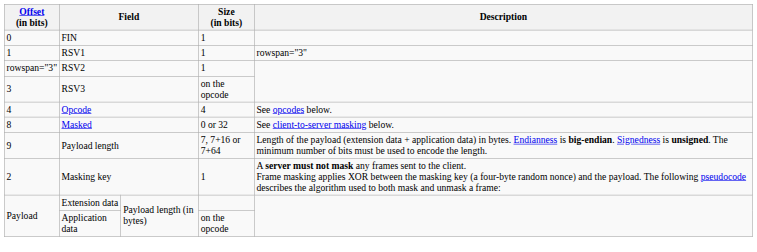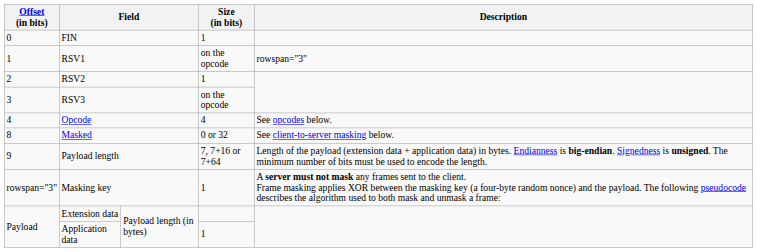 <table class="wikitable">
 <tr>
 <th><a href='#'>Offset</a><br>(in bits)</th>
 <th colspan="2">Field</th>
 <th>Size<br>(in bits)</th>
 <th>Description</th>
 </tr>
 <tr>
 <td>0</td>
 <td colspan="2">FIN</td>
 <td>1</td>
 <td></td>
 </tr>
 <tr>
 <td>1</td>
 <td colspan="2">RSV1</td>
-<td>1</td>
+<td> on the opcode</td>
 <td>rowspan="3" </td>
 </tr>
 <tr>
-<td>rowspan="3" </td>
+<td>2</td>
 <td colspan="2">RSV2</td>
 <td>1</td>
 </tr>
 <tr>
 <td>3</td>
 <td colspan="2">RSV3</td>
 <td> on the opcode</td>
 </tr>
 <tr>
 <td>4</td>
 <td colspan="2"><a href='#'>Opcode</a></td>
 <td>4</td>
 <td>See <a href='#'>opcodes</a> below.</td>
 </tr>
 <tr>
 <td>8</td>
 <td colspan="2"><a href='#'>Masked</a></td>
 <td>0 or 32</td>
 <td> See <a href='#'>client-to-server masking</a> below.</td>
 </tr>
 <tr>
 <td>9</td>
 <td colspan="2">Payload length</td>
 <td>7, 7+16 or 7+64</td>
 <td>Length of the payload (extension data + application data) in bytes.  <a href='#'>Endianness</a> is <strong>big-endian</strong>. <a href='#'>Signedness</a> is <strong>unsigned</strong>. The minimum number of bits must be used to encode the length.</td>
 </tr>
 <tr>
-<td>2</td>
+<td>rowspan="3" </td>
 <td colspan="2">Masking key</td>
 <td>1</td>
 <td> A <strong>server must not mask</strong> any frames sent to the client.<br>Frame masking applies XOR between the masking key (a four-byte random nonce) and the payload. The following <a href='#'>pseudocode</a> describes the algorithm used to both mask and unmask a frame:</td>
 </tr>
 <tr>
 <td rowspan="2">Payload</td>
 <td>Extension data</td>
 <td rowspan="2">Payload length (in bytes)</td>
 <td></td>
 </tr>
 <tr>
 <td>Application data</td>
-<td> on the opcode</td>
+<td>1</td>
 </tr>
 </table>
